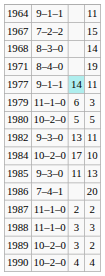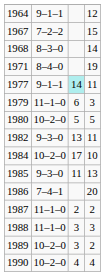 <table class="wikitable" style="font-size: 90%; text-align:center">
 <tr>
 </tr>
 <tr>
 <td>1964</td>
 <td>9–1–1</td>
 <td></td>
-<td>11</td>
+<td>12</td>
 </tr>
 <tr>
 <td>1967</td>
 <td>7–2–2</td>
 <td></td>
 <td>15</td>
 </tr>
 <tr>
 <td>1968</td>
 <td>8–3–0</td>
 <td></td>
 <td>14</td>
 </tr>
 <tr>
 <td>1971</td>
 <td>8–4–0</td>
 <td></td>
 <td>19</td>
 </tr>
 <tr>
 <td>1977</td>
 <td>9–1–1</td>
 <td style="background: paleturquoise;">14</td>
 <td>11</td>
 </tr>
 <tr>
 <td>1979</td>
 <td>11–1–0</td>
 <td>6</td>
 <td>3</td>
 </tr>
 <tr>
 <td>1980</td>
 <td>10–2–0</td>
 <td>5</td>
 <td>5</td>
 </tr>
 <tr>
 <td>1982</td>
 <td>9–3–0</td>
 <td>13</td>
 <td>11</td>
 </tr>
 <tr>
 <td>1984</td>
 <td>10–2–0</td>
 <td>17</td>
 <td>10</td>
 </tr>
 <tr>
 <td>1985</td>
 <td>9–3–0</td>
 <td>11</td>
 <td>13</td>
 </tr>
 <tr>
 <td>1986</td>
 <td>7–4–1</td>
 <td></td>
 <td>20</td>
 </tr>
 <tr>
 <td>1987</td>
 <td>11–1–0</td>
 <td>2</td>
 <td>2</td>
 </tr>
 <tr>
 <td>1988</td>
 <td>11–1–0</td>
 <td>3</td>
 <td>3</td>
 </tr>
 <tr>
 <td>1989</td>
 <td>10–2–0</td>
 <td>3</td>
 <td>2</td>
 </tr>
 <tr>
 <td>1990</td>
 <td>10–2–0</td>
 <td>4</td>
 <td>4</td>
 </tr>
 </table>
